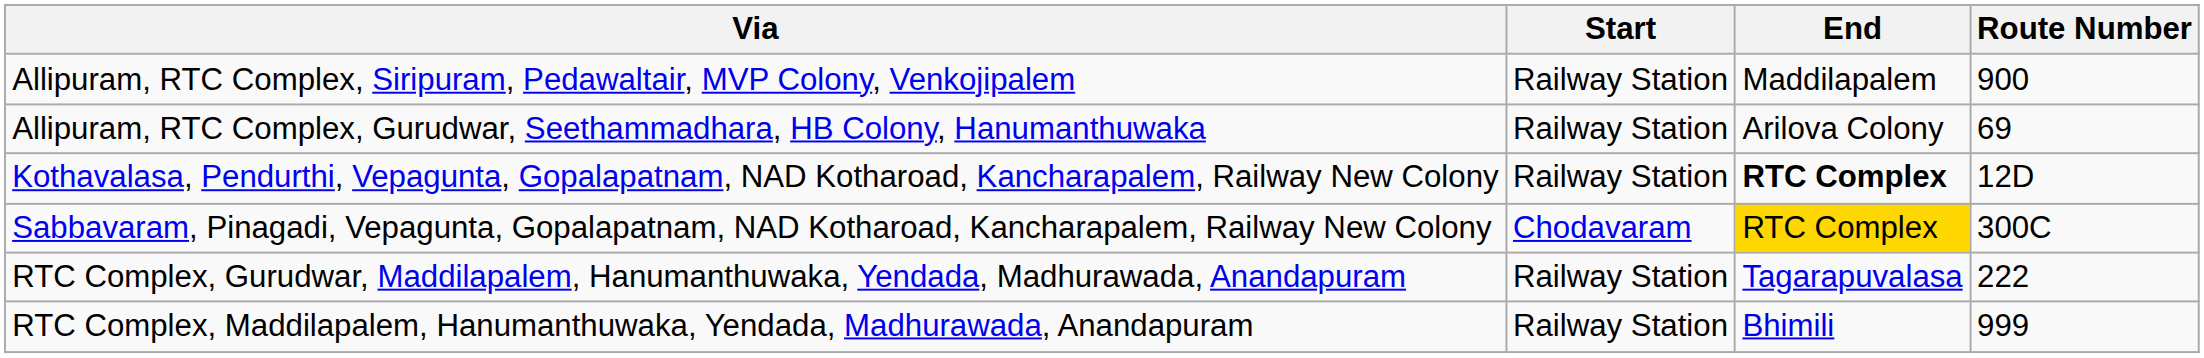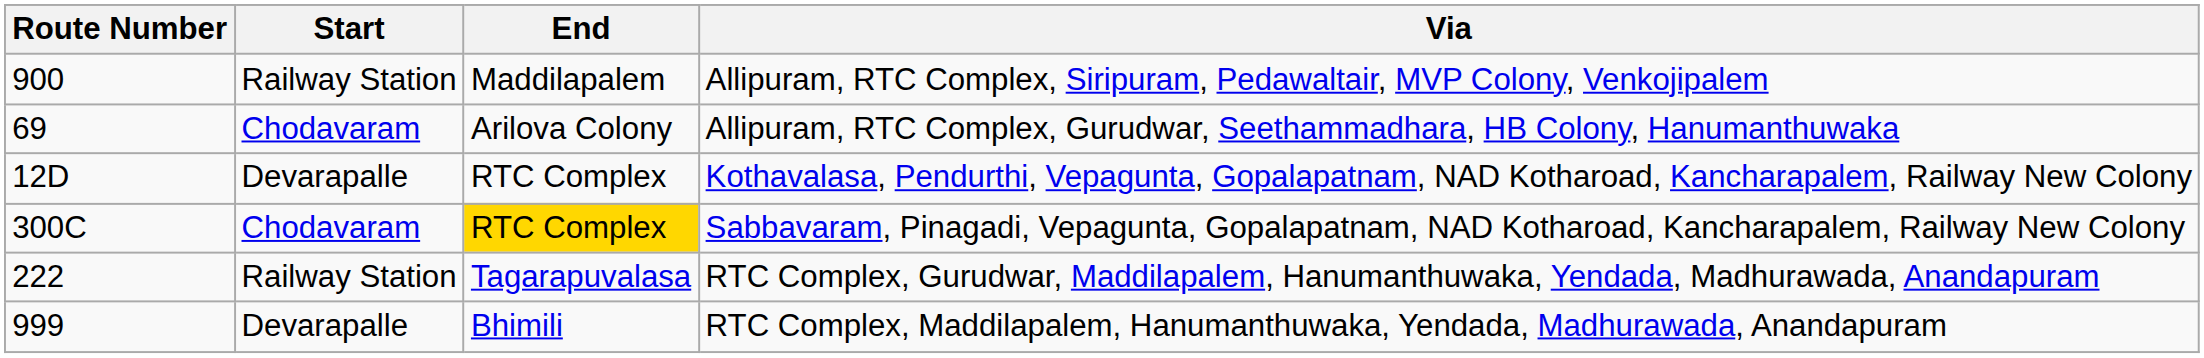 <table class="wikitable">
 <tr>
-<th>Via</th>
+<th>Route Number</th>
 <th>Start</th>
 <th>End</th>
-<th>Route Number</th>
+<th>Via</th>
 </tr>
 <tr>
-<td>Allipuram, RTC Complex, <a href='#'>Siripuram</a>, <a href='#'>Pedawaltair</a>, <a href='#'>MVP Colony</a>, <a href='#'>Venkojipalem</a></td>
+<td>900</td>
 <td>Railway Station</td>
 <td>Maddilapalem</td>
-<td>900</td>
+<td>Allipuram, RTC Complex, <a href='#'>Siripuram</a>, <a href='#'>Pedawaltair</a>, <a href='#'>MVP Colony</a>, <a href='#'>Venkojipalem</a></td>
 </tr>
 <tr>
+<td>69</td>
+<td><a href='#'>Chodavaram</a></td>
+<td>Arilova Colony</td>
 <td>Allipuram, RTC Complex, Gurudwar, <a href='#'>Seethammadhara</a>, <a href='#'>HB Colony</a>, <a href='#'>Hanumanthuwaka</a></td>
-<td>Railway Station</td>
-<td>Arilova Colony</td>
-<td>69</td>
 </tr>
 <tr>
+<td>12D</td>
+<td>Devarapalle</td>
+<td>RTC Complex</td>
 <td><a href='#'>Kothavalasa</a>, <a href='#'>Pendurthi</a>, <a href='#'>Vepagunta</a>, <a href='#'>Gopalapatnam</a>, NAD Kotharoad, <a href='#'>Kancharapalem</a>, Railway New Colony</td>
-<td>Railway Station</td>
-<td><strong>RTC Complex</strong></td>
-<td>12D</td>
 </tr>
 <tr>
-<td><a href='#'>Sabbavaram</a>, Pinagadi, Vepagunta, Gopalapatnam, NAD Kotharoad, Kancharapalem, Railway New Colony</td>
+<td>300C</td>
 <td><a href='#'>Chodavaram</a></td>
 <td style="background: gold;">RTC Complex</td>
-<td>300C</td>
+<td><a href='#'>Sabbavaram</a>, Pinagadi, Vepagunta, Gopalapatnam, NAD Kotharoad, Kancharapalem, Railway New Colony</td>
 </tr>
 <tr>
-<td>RTC Complex, Gurudwar, <a href='#'>Maddilapalem</a>, Hanumanthuwaka, <a href='#'>Yendada</a>, Madhurawada, <a href='#'>Anandapuram</a></td>
+<td>222</td>
 <td>Railway Station</td>
 <td><a href='#'>Tagarapuvalasa</a></td>
-<td>222</td>
+<td>RTC Complex, Gurudwar, <a href='#'>Maddilapalem</a>, Hanumanthuwaka, <a href='#'>Yendada</a>, Madhurawada, <a href='#'>Anandapuram</a></td>
 </tr>
 <tr>
+<td>999</td>
+<td>Devarapalle</td>
+<td><a href='#'>Bhimili</a></td>
 <td>RTC Complex, Maddilapalem, Hanumanthuwaka, Yendada, <a href='#'>Madhurawada</a>, Anandapuram</td>
-<td>Railway Station</td>
-<td><a href='#'>Bhimili</a></td>
-<td>999</td>
 </tr>
 </table>
